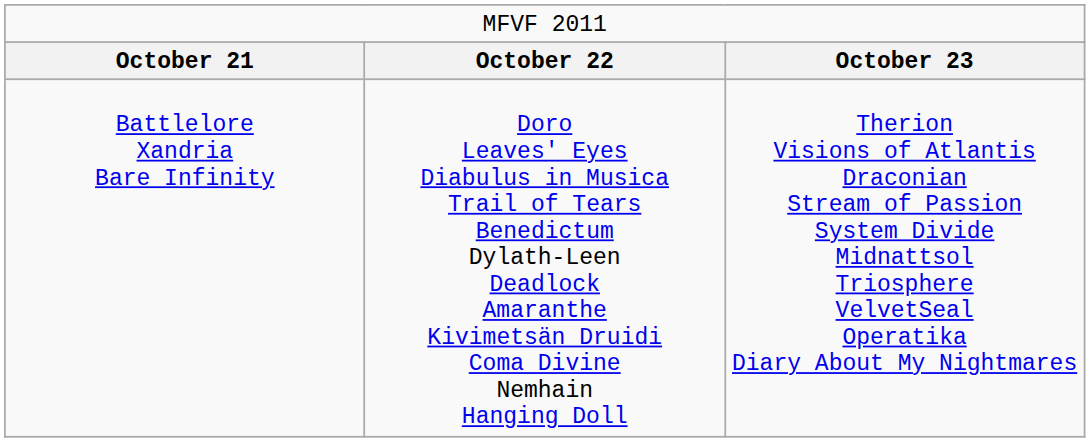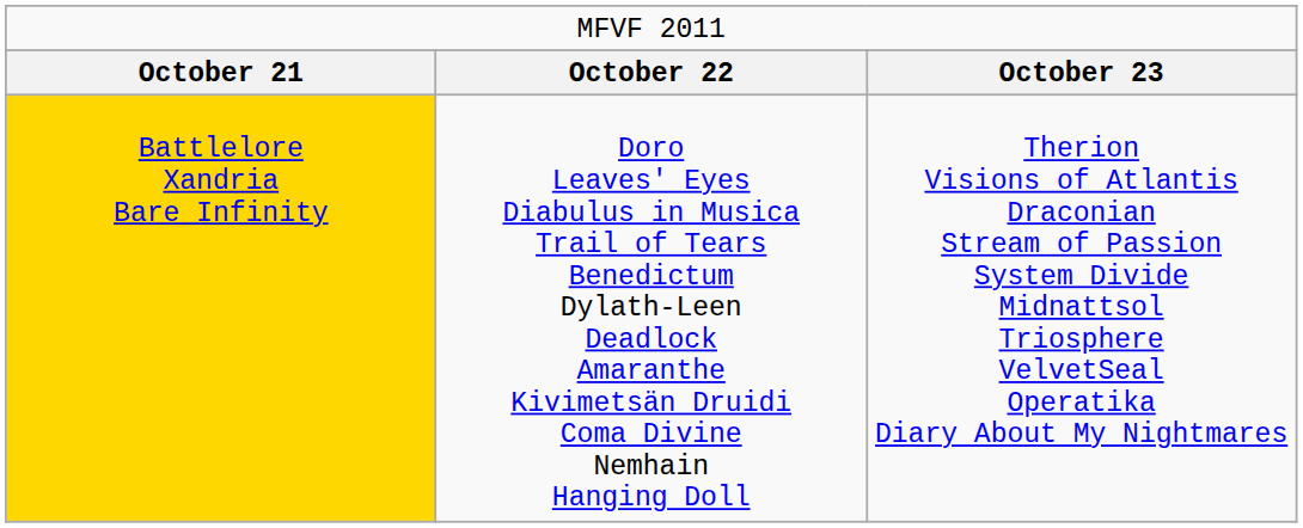 <table class="wikitable">
 <tr>
 <td colspan="3" align="center">MFVF 2011</td>
 </tr>
 <tr>
 <th>October 21</th>
 <th>October 22</th>
 <th>October 23</th>
 </tr>
 <tr>
-<td valign="top" align="center" width=235><br><a href='#'>Battlelore</a><br> <a href='#'>Xandria</a><br> <a href='#'>Bare Infinity</a></td>
+<td valign="top" align="center" width=235 style="background: gold;"><br><a href='#'>Battlelore</a><br> <a href='#'>Xandria</a><br> <a href='#'>Bare Infinity</a></td>
 <td valign="top" align="center" width=235><br><a href='#'>Doro</a><br> <a href='#'>Leaves' Eyes</a><br> <a href='#'>Diabulus in Musica</a><br> <a href='#'>Trail of Tears</a><br> <a href='#'>Benedictum</a><br> Dylath-Leen<br> <a href='#'>Deadlock</a><br> <a href='#'>Amaranthe</a><br> <a href='#'>Kivimetsän Druidi</a><br> <a href='#'>Coma Divine</a><br> Nemhain<br> <a href='#'>Hanging Doll</a></td>
 <td valign="top" align="center" width=235><br><a href='#'>Therion</a><br> <a href='#'>Visions of Atlantis</a><br> <a href='#'>Draconian</a><br> <a href='#'>Stream of Passion</a><br> <a href='#'>System Divide</a><br> <a href='#'>Midnattsol</a><br> <a href='#'>Triosphere</a><br> <a href='#'>VelvetSeal</a><br> <a href='#'>Operatika</a><br> <a href='#'>Diary About My Nightmares</a></td>
 </tr>
 </table>
